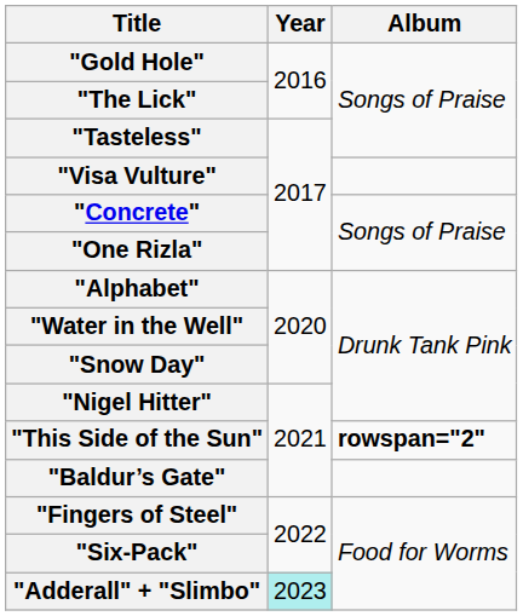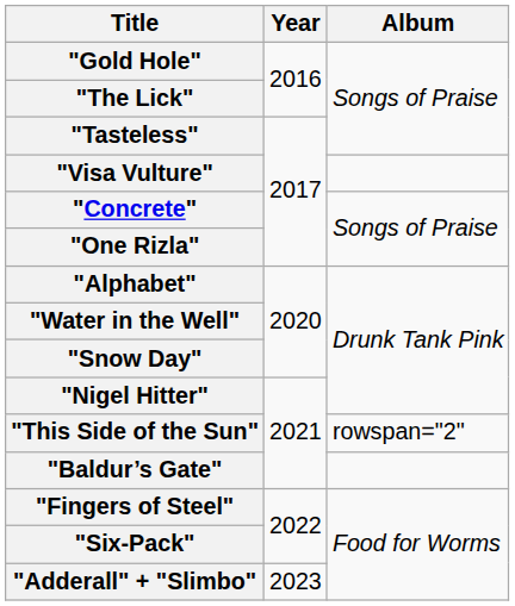 <table class="wikitable plainrowheaders" style="text-align:Left;">
 <tr>
 <th>Title</th>
 <th>Year</th>
 <th>Album</th>
 </tr>
 <tr>
 <th scope="row">"Gold Hole"</th>
 <td rowspan="2">2016</td>
 <td rowspan="3"><em>Songs of Praise</em></td>
 </tr>
 <tr>
 <th scope="row">"The Lick"</th>
 </tr>
 <tr>
 <th scope="row">"Tasteless"</th>
 <td rowspan="4">2017</td>
 </tr>
 <tr>
 <th scope="row">"Visa Vulture"</th>
 <td></td>
 </tr>
 <tr>
 <th scope="row">"<a href='#'>Concrete</a>"</th>
 <td rowspan="2"><em>Songs of Praise</em></td>
 </tr>
 <tr>
 <th scope="row">"One Rizla"</th>
 </tr>
 <tr>
 <th scope="row">"Alphabet"</th>
 <td rowspan="3">2020</td>
 <td rowspan="4"><em>Drunk Tank Pink</em></td>
 </tr>
 <tr>
 <th scope="row">"Water in the Well"</th>
 </tr>
 <tr>
 <th scope="row">"Snow Day"</th>
 </tr>
 <tr>
 <th scope="row">"Nigel Hitter"</th>
 <td rowspan="3">2021</td>
 </tr>
 <tr>
 <th scope="row">"This Side of the Sun"</th>
-<td><strong>rowspan="2" </strong></td>
+<td>rowspan="2" </td>
 </tr>
 <tr>
 <th scope="row">"Baldur’s Gate"</th>
 </tr>
 <tr>
 <th scope="row">"Fingers of Steel"</th>
 <td rowspan="2">2022</td>
 <td rowspan="3"><em>Food for Worms</em></td>
 </tr>
 <tr>
 <th scope="row">"Six-Pack"</th>
 </tr>
 <tr>
 <th scope="row">"Adderall" + "Slimbo"</th>
-<td style="background: paleturquoise;">2023</td>
+<td>2023</td>
 </tr>
 </table>
